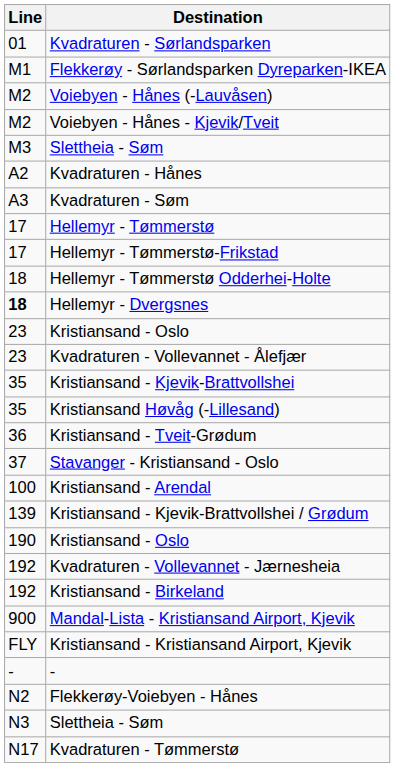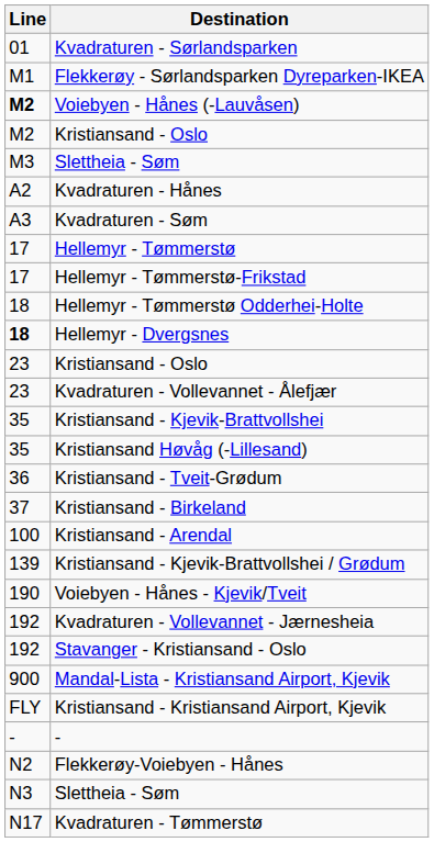 <table class="wikitable sortable collapsible autocollapse">
 <tr>
 <th>Line</th>
 <th>Destination</th>
 </tr>
 <tr>
 <td>01</td>
 <td><a href='#'>Kvadraturen</a> - <a href='#'>Sørlandsparken</a></td>
 </tr>
 <tr>
 <td>M1</td>
 <td><a href='#'>Flekkerøy</a> - Sørlandsparken <a href='#'>Dyreparken</a>-IKEA</td>
 </tr>
 <tr>
-<td>M2</td>
+<td><strong>M2</strong></td>
 <td><a href='#'>Voiebyen</a> - <a href='#'>Hånes</a> (-<a href='#'>Lauvåsen</a>)</td>
 </tr>
 <tr>
 <td>M2</td>
-<td>Voiebyen - Hånes - <a href='#'>Kjevik</a>/<a href='#'>Tveit</a></td>
+<td>Kristiansand - <a href='#'>Oslo</a></td>
 </tr>
 <tr>
 <td>M3</td>
 <td><a href='#'>Slettheia</a> - <a href='#'>Søm</a></td>
 </tr>
 <tr>
 <td>A2</td>
 <td>Kvadraturen - Hånes</td>
 </tr>
 <tr>
 <td>A3</td>
 <td>Kvadraturen - Søm</td>
 </tr>
 <tr>
 <td>17</td>
 <td><a href='#'>Hellemyr</a> - <a href='#'>Tømmerstø</a></td>
 </tr>
 <tr>
 <td>17</td>
 <td>Hellemyr - Tømmerstø-<a href='#'>Frikstad</a></td>
 </tr>
 <tr>
 <td>18</td>
 <td>Hellemyr -  Tømmerstø <a href='#'>Odderhei</a>-<a href='#'>Holte</a></td>
 </tr>
 <tr>
 <td><strong>18</strong></td>
 <td>Hellemyr - <a href='#'>Dvergsnes</a></td>
 </tr>
 <tr>
 <td>23</td>
 <td>Kristiansand - Oslo</td>
 </tr>
 <tr>
 <td>23</td>
 <td>Kvadraturen - Vollevannet - Ålefjær</td>
 </tr>
 <tr>
 <td>35</td>
 <td>Kristiansand - <a href='#'>Kjevik</a>-<a href='#'>Brattvollshei</a></td>
 </tr>
 <tr>
 <td>35</td>
 <td>Kristiansand <a href='#'>Høvåg</a> (-<a href='#'>Lillesand</a>)</td>
 </tr>
 <tr>
 <td>36</td>
 <td>Kristiansand - <a href='#'>Tveit</a>-Grødum</td>
 </tr>
 <tr>
 <td>37</td>
-<td><a href='#'>Stavanger</a> - Kristiansand - Oslo</td>
+<td>Kristiansand - <a href='#'>Birkeland</a></td>
 </tr>
 <tr>
 <td>100</td>
 <td>Kristiansand - <a href='#'>Arendal</a></td>
 </tr>
 <tr>
 <td>139</td>
 <td>Kristiansand - Kjevik-Brattvollshei / <a href='#'>Grødum</a></td>
 </tr>
 <tr>
 <td>190</td>
-<td>Kristiansand - <a href='#'>Oslo</a></td>
+<td>Voiebyen - Hånes - <a href='#'>Kjevik</a>/<a href='#'>Tveit</a></td>
 </tr>
 <tr>
 <td>192</td>
 <td>Kvadraturen - <a href='#'>Vollevannet</a> - Jærnesheia</td>
 </tr>
 <tr>
 <td>192</td>
-<td>Kristiansand - <a href='#'>Birkeland</a></td>
+<td><a href='#'>Stavanger</a> - Kristiansand - Oslo</td>
 </tr>
 <tr>
 <td>900</td>
 <td><a href='#'>Mandal</a>-<a href='#'>Lista</a> - <a href='#'>Kristiansand Airport, Kjevik</a></td>
 </tr>
 <tr>
 <td>FLY</td>
 <td>Kristiansand - Kristiansand Airport, Kjevik</td>
 </tr>
 <tr>
 <td>-</td>
 <td>-</td>
 </tr>
 <tr>
 <td>N2</td>
 <td>Flekkerøy-Voiebyen - Hånes</td>
 </tr>
 <tr>
 <td>N3</td>
 <td>Slettheia - Søm</td>
 </tr>
 <tr>
 <td>N17</td>
 <td>Kvadraturen - Tømmerstø</td>
 </tr>
 </table>
